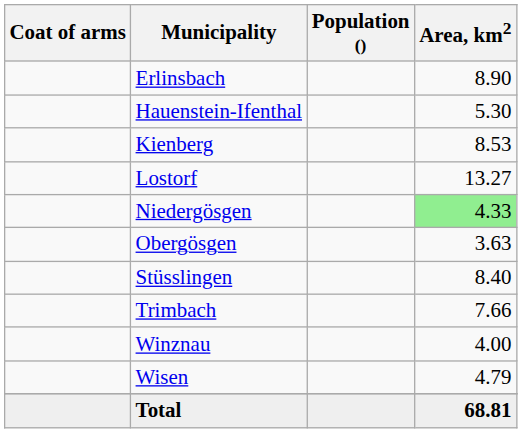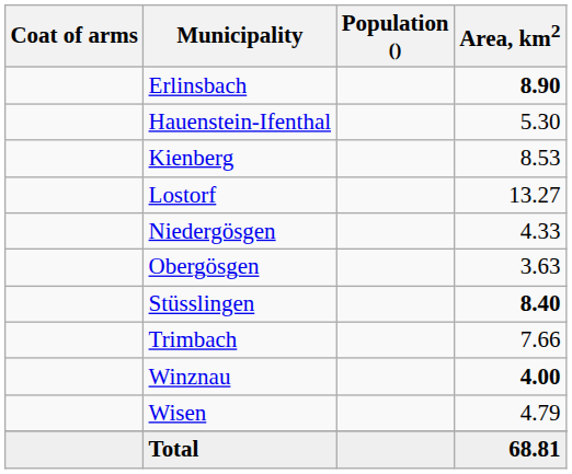 <table class="wikitable">
 <tr>
 <th>Coat of arms</th>
 <th>Municipality</th>
 <th>Population<br><small>()</small></th>
 <th>Area, km<sup>2</sup></th>
 </tr>
 <tr>
 <td align="center"></td>
 <td><a href='#'>Erlinsbach</a></td>
 <td align="center"></td>
-<td align="right">8.90</td>
+<td align="right"><strong>8.90</strong></td>
 </tr>
 <tr>
 <td align="center"></td>
 <td><a href='#'>Hauenstein-Ifenthal</a></td>
 <td align="center"></td>
 <td align="right">5.30</td>
 </tr>
 <tr>
 <td align="center"></td>
 <td><a href='#'>Kienberg</a></td>
 <td align="center"></td>
 <td align="right">8.53</td>
 </tr>
 <tr>
 <td align="center"></td>
 <td><a href='#'>Lostorf</a></td>
 <td align="center"></td>
 <td align="right">13.27</td>
 </tr>
 <tr>
 <td align="center"></td>
 <td><a href='#'>Niedergösgen</a></td>
 <td align="center"></td>
-<td align="right" style="background: lightgreen;">4.33</td>
+<td align="right">4.33</td>
 </tr>
 <tr>
 <td align="center"></td>
 <td><a href='#'>Obergösgen</a></td>
 <td align="center"></td>
 <td align="right">3.63</td>
 </tr>
 <tr>
 <td align="center"></td>
 <td><a href='#'>Stüsslingen</a></td>
 <td align="center"></td>
-<td align="right">8.40</td>
+<td align="right"><strong>8.40</strong></td>
 </tr>
 <tr>
 <td align="center"></td>
 <td><a href='#'>Trimbach</a></td>
 <td align="center"></td>
 <td align="right">7.66</td>
 </tr>
 <tr>
 <td align="center"></td>
 <td><a href='#'>Winznau</a></td>
 <td align="center"></td>
-<td align="right">4.00</td>
+<td align="right"><strong>4.00</strong></td>
 </tr>
 <tr>
 <td align="center"></td>
 <td><a href='#'>Wisen</a></td>
 <td align="center"></td>
 <td align="right">4.79</td>
 </tr>
 <tr>
 </tr>
 <tr style="background-color:#EFEFEF;">
 <td align="center"></td>
 <td bgcolor="#EFEFEF"><strong>Total</strong></td>
 <td bgcolor="#EFEFEF" align="center"><strong></strong></td>
 <td bgcolor="#EFEFEF" align="right"><strong>68.81</strong></td>
 </tr>
 </table>
